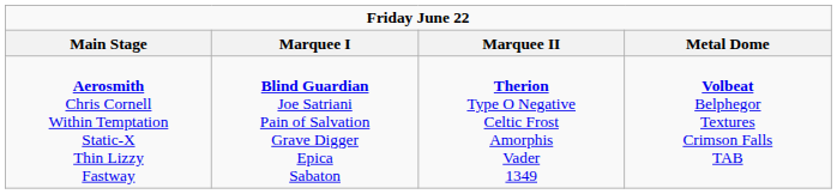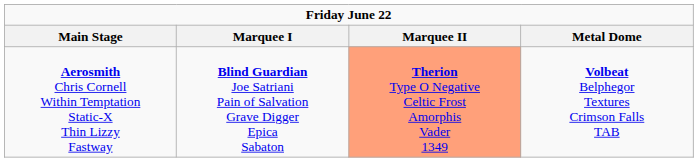 <table class="wikitable">
 <tr>
 <td colspan="4" style="text-align:center;"><strong>Friday June 22</strong></td>
 </tr>
 <tr>
 <th>Main Stage</th>
 <th>Marquee I</th>
 <th>Marquee II</th>
 <th>Metal Dome</th>
 </tr>
 <tr>
 <td style="text-align:center; vertical-align:top; width:200px;"><br><strong><a href='#'>Aerosmith</a></strong> <br> <a href='#'>Chris Cornell</a> <br> <a href='#'>Within Temptation</a> <br> <a href='#'>Static-X</a> <br> <a href='#'>Thin Lizzy</a> <br> <a href='#'>Fastway</a></td>
 <td style="text-align:center; vertical-align:top; width:200px;"><br><strong><a href='#'>Blind Guardian</a></strong> <br> <a href='#'>Joe Satriani</a> <br> <a href='#'>Pain of Salvation</a> <br> <a href='#'>Grave Digger</a>  <br> <a href='#'>Epica</a> <br><a href='#'>Sabaton</a></td>
-<td style="text-align:center; vertical-align:top; width:200px;"><br><strong><a href='#'>Therion</a></strong> <br><a href='#'>Type O Negative</a>  <br><a href='#'>Celtic Frost</a>  <br><a href='#'>Amorphis</a> <br><a href='#'>Vader</a> <br><a href='#'>1349</a></td>
+<td style="background: lightsalmon; text-align:center; vertical-align:top; width:200px;"><br><strong><a href='#'>Therion</a></strong> <br><a href='#'>Type O Negative</a>  <br><a href='#'>Celtic Frost</a>  <br><a href='#'>Amorphis</a> <br><a href='#'>Vader</a> <br><a href='#'>1349</a></td>
 <td style="text-align:center; vertical-align:top; width:200px;"><br><strong><a href='#'>Volbeat</a></strong> <br><a href='#'>Belphegor</a> <br><a href='#'>Textures</a> <br><a href='#'>Crimson Falls</a> <br><a href='#'>TAB</a></td>
 </tr>
 </table>
